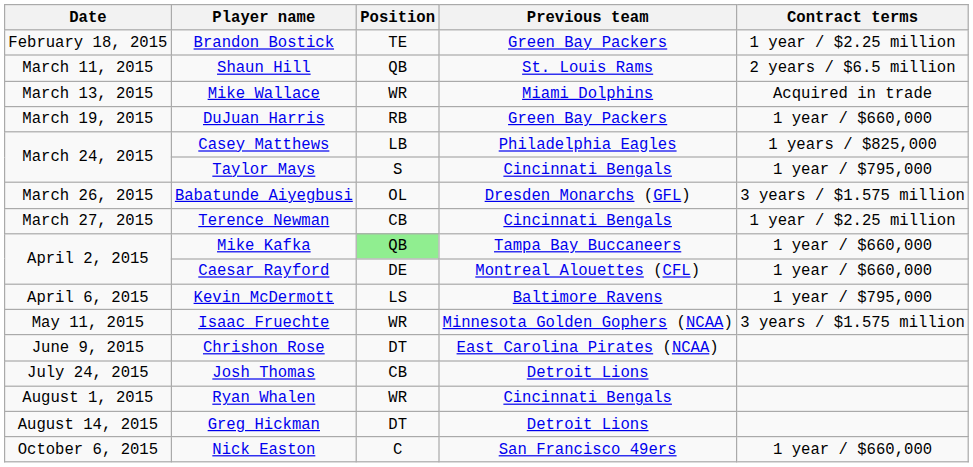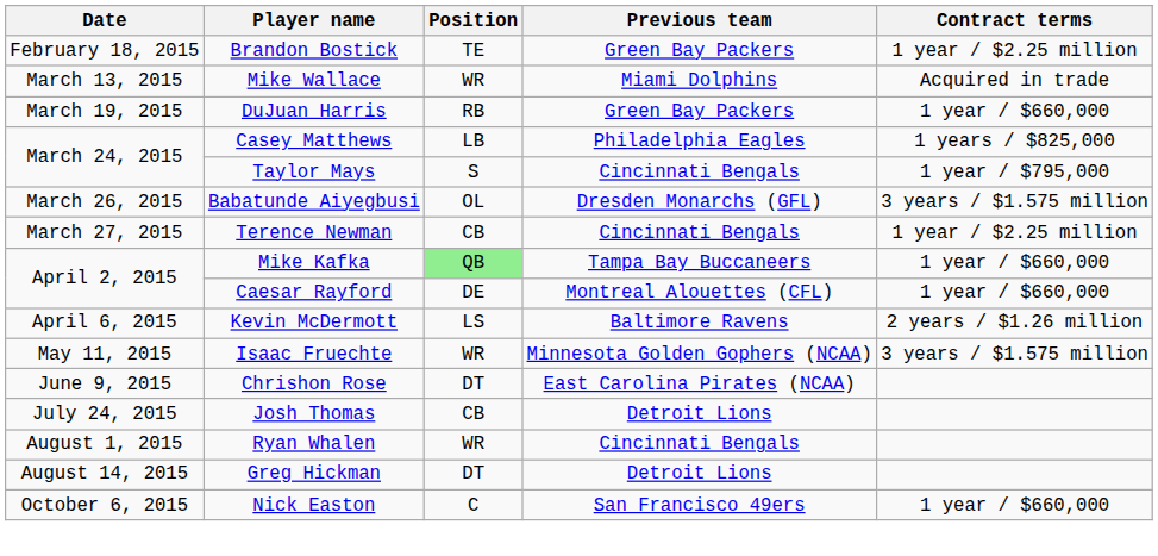 <table class="wikitable" style="text-align:center">
 <tr>
 <th>Date</th>
 <th>Player name</th>
 <th>Position</th>
 <th>Previous team</th>
 <th>Contract terms</th>
 </tr>
 <tr>
 <td>February 18, 2015</td>
 <td><a href='#'>Brandon Bostick</a></td>
 <td>TE</td>
 <td><a href='#'>Green Bay Packers</a></td>
 <td>1 year / $2.25 million</td>
-</tr>
-<tr>
-<td>March 11, 2015</td>
-<td><a href='#'>Shaun Hill</a></td>
-<td>QB</td>
-<td><a href='#'>St. Louis Rams</a></td>
-<td>2 years / $6.5 million</td>
 </tr>
 <tr>
 <td>March 13, 2015</td>
 <td><a href='#'>Mike Wallace</a></td>
 <td>WR</td>
 <td><a href='#'>Miami Dolphins</a></td>
 <td>Acquired in trade</td>
 </tr>
 <tr>
 <td>March 19, 2015</td>
 <td><a href='#'>DuJuan Harris</a></td>
 <td>RB</td>
 <td><a href='#'>Green Bay Packers</a></td>
 <td>1 year / $660,000</td>
 </tr>
 <tr>
 <td rowspan=2>March 24, 2015</td>
 <td><a href='#'>Casey Matthews</a></td>
 <td>LB</td>
 <td><a href='#'>Philadelphia Eagles</a></td>
 <td>1 years / $825,000</td>
 </tr>
 <tr>
 <td><a href='#'>Taylor Mays</a></td>
 <td>S</td>
 <td><a href='#'>Cincinnati Bengals</a></td>
 <td>1 year / $795,000</td>
 </tr>
 <tr>
 <td>March 26, 2015</td>
 <td><a href='#'>Babatunde Aiyegbusi</a></td>
 <td>OL</td>
 <td><a href='#'>Dresden Monarchs</a> (<a href='#'>GFL</a>)</td>
 <td>3 years / $1.575 million</td>
 </tr>
 <tr>
 <td>March 27, 2015</td>
 <td><a href='#'>Terence Newman</a></td>
 <td>CB</td>
 <td><a href='#'>Cincinnati Bengals</a></td>
 <td>1 year / $2.25 million</td>
 </tr>
 <tr>
 <td rowspan=2>April 2, 2015</td>
 <td><a href='#'>Mike Kafka</a></td>
 <td style="background: lightgreen;">QB</td>
 <td><a href='#'>Tampa Bay Buccaneers</a></td>
 <td>1 year / $660,000</td>
 </tr>
 <tr>
 <td><a href='#'>Caesar Rayford</a></td>
 <td>DE</td>
 <td><a href='#'>Montreal Alouettes</a> (<a href='#'>CFL</a>)</td>
 <td>1 year / $660,000</td>
 </tr>
 <tr>
 <td>April 6, 2015</td>
 <td><a href='#'>Kevin McDermott</a></td>
 <td>LS</td>
 <td><a href='#'>Baltimore Ravens</a></td>
-<td>1 year / $795,000</td>
+<td>2 years / $1.26 million</td>
 </tr>
 <tr>
 <td>May 11, 2015</td>
 <td><a href='#'>Isaac Fruechte</a></td>
 <td>WR</td>
 <td><a href='#'>Minnesota Golden Gophers</a> (<a href='#'>NCAA</a>)</td>
 <td>3 years / $1.575 million</td>
 </tr>
 <tr>
 <td>June 9, 2015</td>
 <td><a href='#'>Chrishon Rose</a></td>
 <td>DT</td>
 <td><a href='#'>East Carolina Pirates</a> (<a href='#'>NCAA</a>)</td>
 <td></td>
 </tr>
 <tr>
 <td>July 24, 2015</td>
 <td><a href='#'>Josh Thomas</a></td>
 <td>CB</td>
 <td><a href='#'>Detroit Lions</a></td>
 <td></td>
 </tr>
 <tr>
 <td>August 1, 2015</td>
 <td><a href='#'>Ryan Whalen</a></td>
 <td>WR</td>
 <td><a href='#'>Cincinnati Bengals</a></td>
 <td></td>
 </tr>
 <tr>
 <td>August 14, 2015</td>
 <td><a href='#'>Greg Hickman</a></td>
 <td>DT</td>
 <td><a href='#'>Detroit Lions</a></td>
 <td></td>
 </tr>
 <tr>
 <td>October 6, 2015</td>
 <td><a href='#'>Nick Easton</a></td>
 <td>C</td>
 <td><a href='#'>San Francisco 49ers</a></td>
 <td>1 year / $660,000</td>
 </tr>
 </table>
